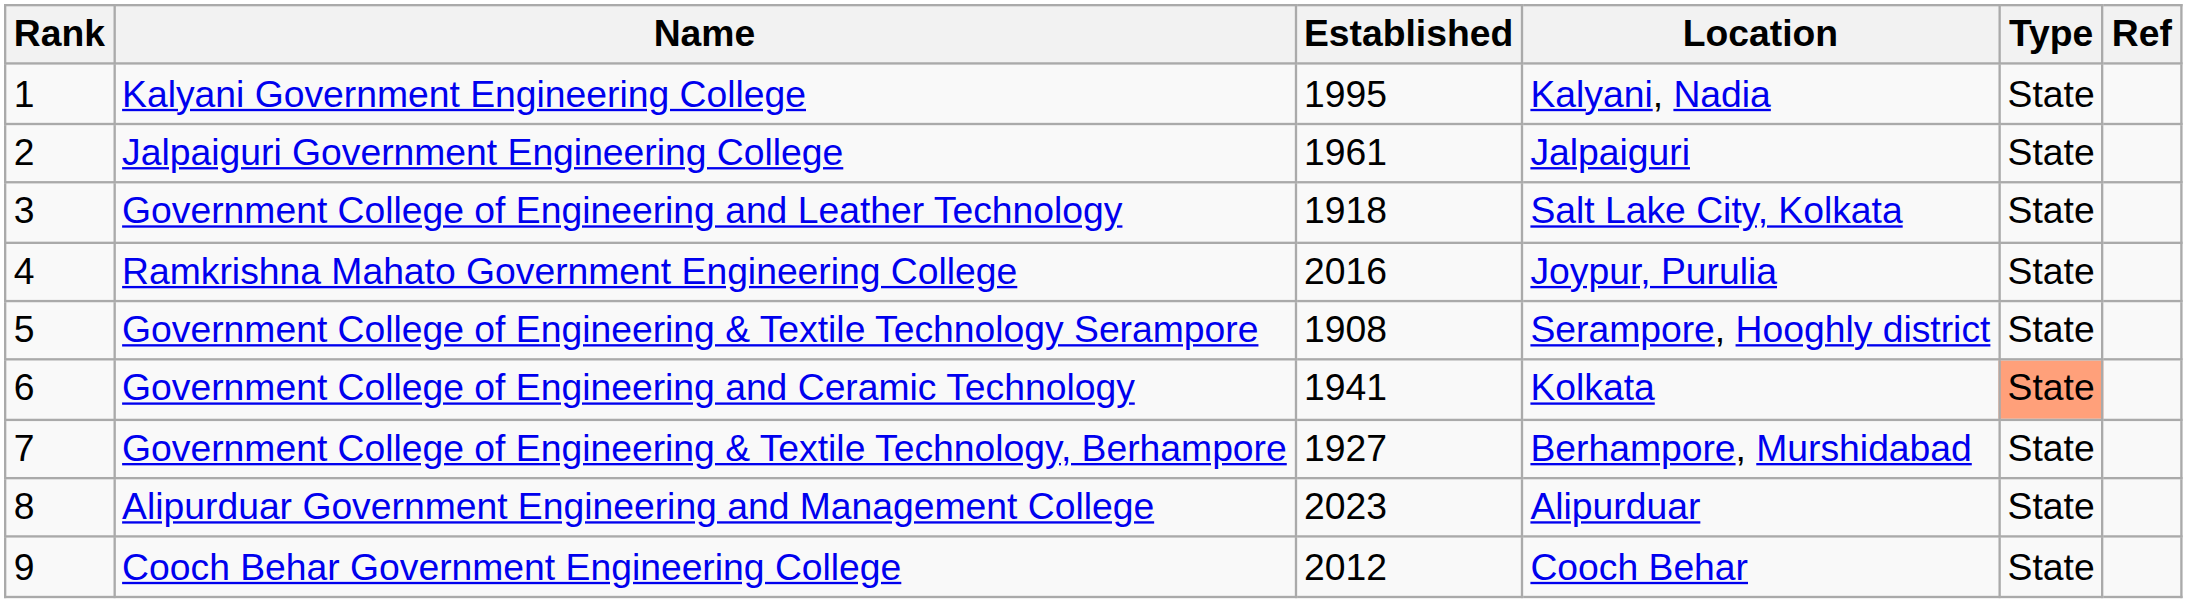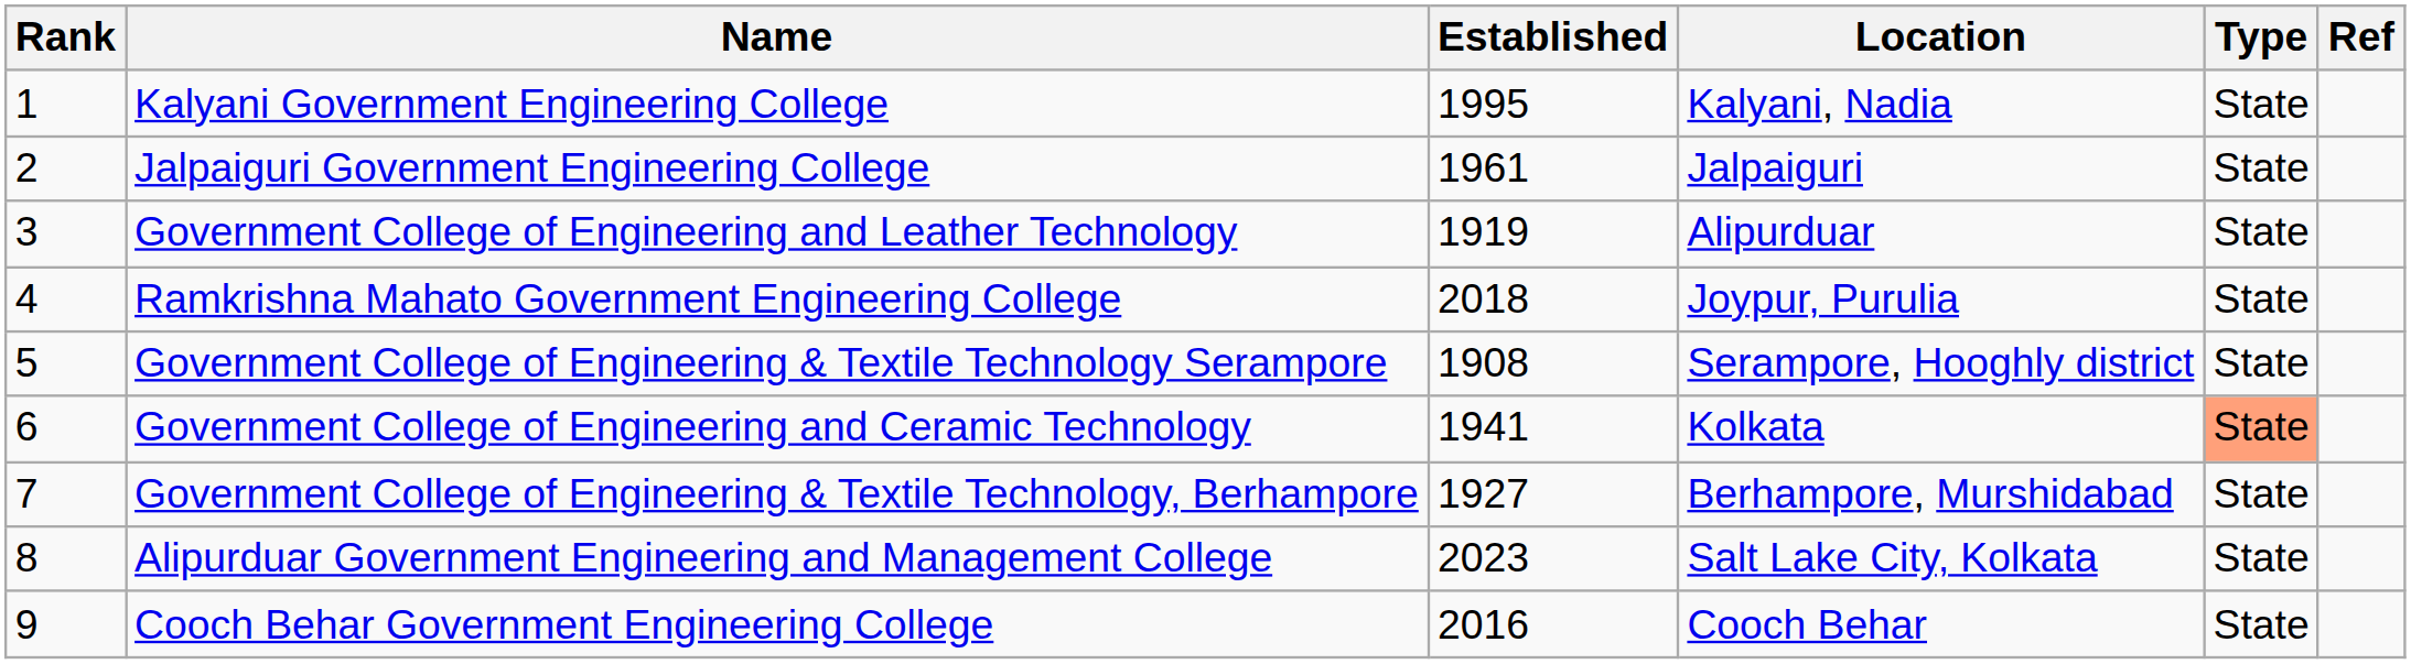 <table class="wikitable sortable">
 <tr>
 <th>Rank</th>
 <th>Name</th>
 <th>Established</th>
 <th>Location</th>
 <th>Type</th>
 <th>Ref</th>
 </tr>
 <tr>
 <td>1</td>
 <td><a href='#'>Kalyani Government Engineering College</a></td>
 <td>1995</td>
 <td><a href='#'>Kalyani</a>, <a href='#'>Nadia</a></td>
 <td>State</td>
 <td></td>
 </tr>
 <tr>
 <td>2</td>
 <td><a href='#'>Jalpaiguri Government Engineering College</a></td>
 <td>1961</td>
 <td><a href='#'>Jalpaiguri</a></td>
 <td>State</td>
 <td></td>
 </tr>
 <tr>
 <td>3</td>
 <td><a href='#'>Government College of Engineering and Leather Technology</a></td>
-<td>1918</td>
-<td><a href='#'>Salt Lake City, Kolkata</a></td>
+<td>1919</td>
+<td><a href='#'>Alipurduar</a></td>
 <td>State</td>
 <td></td>
 </tr>
 <tr>
 <td>4</td>
 <td><a href='#'>Ramkrishna Mahato Government Engineering College</a></td>
-<td>2016</td>
+<td>2018</td>
 <td><a href='#'>Joypur, Purulia</a></td>
 <td>State</td>
 <td></td>
 </tr>
 <tr>
 <td>5</td>
 <td><a href='#'>Government College of Engineering & Textile Technology Serampore</a></td>
 <td>1908</td>
 <td><a href='#'>Serampore</a>, <a href='#'>Hooghly district</a></td>
 <td>State</td>
 <td></td>
 </tr>
 <tr>
 <td>6</td>
 <td><a href='#'>Government College of Engineering and Ceramic Technology</a></td>
 <td>1941</td>
 <td><a href='#'>Kolkata</a></td>
 <td style="background: lightsalmon;">State</td>
 <td></td>
 </tr>
 <tr>
 <td>7</td>
 <td><a href='#'>Government College of Engineering & Textile Technology, Berhampore</a></td>
 <td>1927</td>
 <td><a href='#'>Berhampore</a>, <a href='#'>Murshidabad</a></td>
 <td>State</td>
 <td></td>
 </tr>
 <tr>
 <td>8</td>
 <td><a href='#'>Alipurduar Government Engineering and Management College</a></td>
 <td>2023</td>
-<td><a href='#'>Alipurduar</a></td>
+<td><a href='#'>Salt Lake City, Kolkata</a></td>
 <td>State</td>
 <td></td>
 </tr>
 <tr>
 <td>9</td>
 <td><a href='#'>Cooch Behar Government Engineering College</a></td>
-<td>2012</td>
+<td>2016</td>
 <td><a href='#'>Cooch Behar</a></td>
 <td>State</td>
 <td></td>
 </tr>
 </table>
